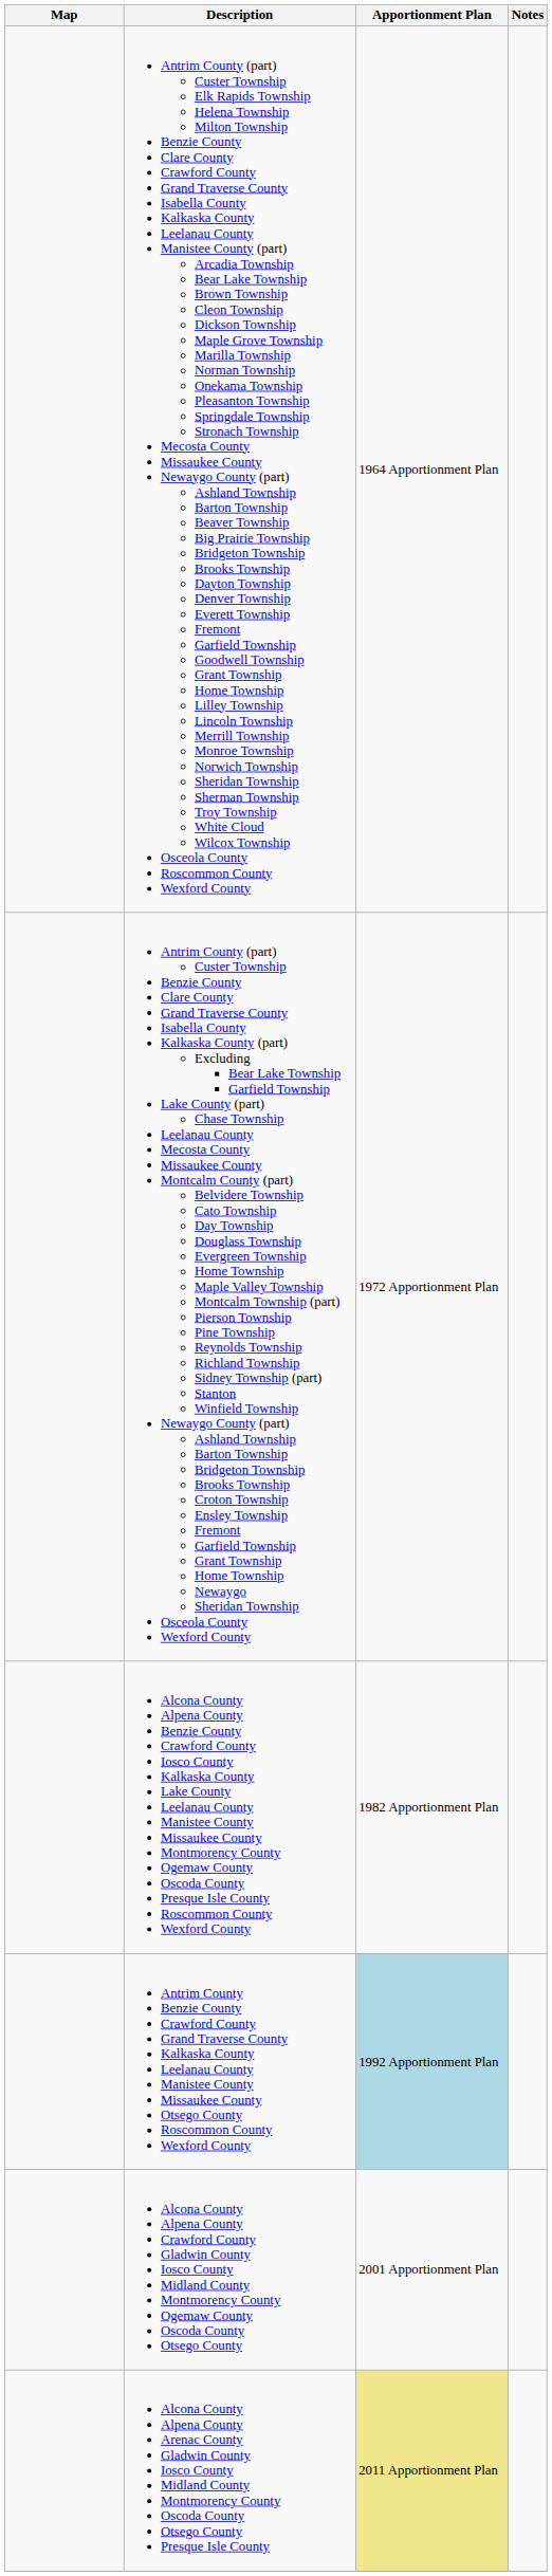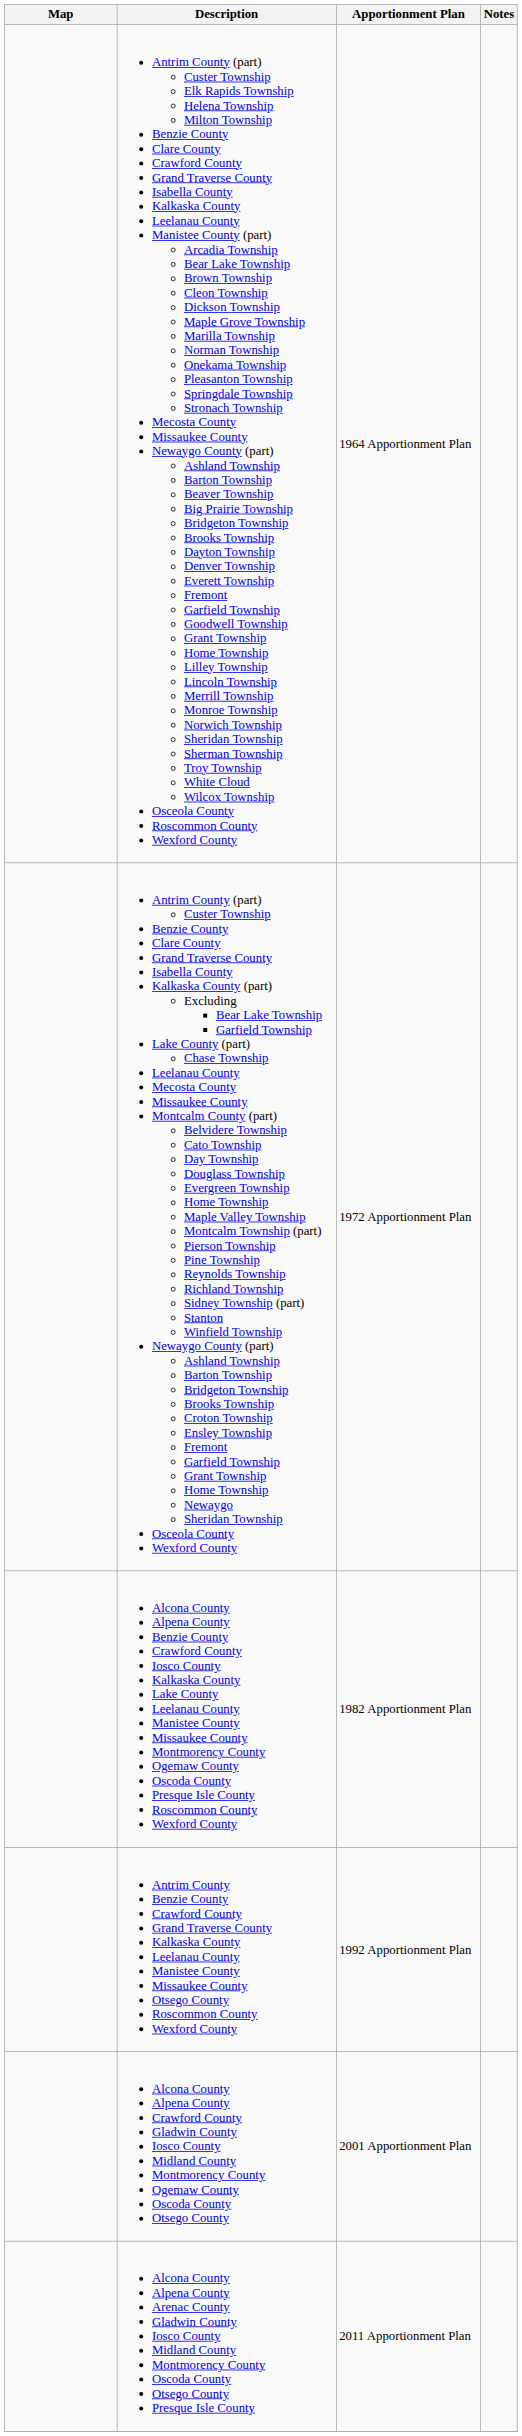 <table class="wikitable sortable">
 <tr>
 <th style="width:100pt;">Map</th>
 <th style="width:200pt;">Description</th>
 <th style="width:130pt;">Apportionment Plan</th>
 <th style="width:15pt;">Notes</th>
 </tr>
 <tr>
 <td></td>
 <td><br><ul><li><a href='#'>Antrim County</a> (part)<ul><li><a href='#'>Custer Township</a></li><li><a href='#'>Elk Rapids Township</a></li><li><a href='#'>Helena Township</a></li><li><a href='#'>Milton Township</a></li></ul></li><li><a href='#'>Benzie County</a></li><li><a href='#'>Clare County</a></li><li><a href='#'>Crawford County</a></li><li><a href='#'>Grand Traverse County</a></li><li><a href='#'>Isabella County</a></li><li><a href='#'>Kalkaska County</a></li><li><a href='#'>Leelanau County</a></li><li><a href='#'>Manistee County</a> (part)<ul><li><a href='#'>Arcadia Township</a></li><li><a href='#'>Bear Lake Township</a></li><li><a href='#'>Brown Township</a></li><li><a href='#'>Cleon Township</a></li><li><a href='#'>Dickson Township</a></li><li><a href='#'>Maple Grove Township</a></li><li><a href='#'>Marilla Township</a></li><li><a href='#'>Norman Township</a></li><li><a href='#'>Onekama Township</a></li><li><a href='#'>Pleasanton Township</a></li><li><a href='#'>Springdale Township</a></li><li><a href='#'>Stronach Township</a></li></ul></li><li><a href='#'>Mecosta County</a></li><li><a href='#'>Missaukee County</a></li><li><a href='#'>Newaygo County</a> (part)<ul><li><a href='#'>Ashland Township</a></li><li><a href='#'>Barton Township</a></li><li><a href='#'>Beaver Township</a></li><li><a href='#'>Big Prairie Township</a></li><li><a href='#'>Bridgeton Township</a></li><li><a href='#'>Brooks Township</a></li><li><a href='#'>Dayton Township</a></li><li><a href='#'>Denver Township</a></li><li><a href='#'>Everett Township</a></li><li><a href='#'>Fremont</a></li><li><a href='#'>Garfield Township</a></li><li><a href='#'>Goodwell Township</a></li><li><a href='#'>Grant Township</a></li><li><a href='#'>Home Township</a></li><li><a href='#'>Lilley Township</a></li><li><a href='#'>Lincoln Township</a></li><li><a href='#'>Merrill Township</a></li><li><a href='#'>Monroe Township</a></li><li><a href='#'>Norwich Township</a></li><li><a href='#'>Sheridan Township</a></li><li><a href='#'>Sherman Township</a></li><li><a href='#'>Troy Township</a></li><li><a href='#'>White Cloud</a></li><li><a href='#'>Wilcox Township</a></li></ul></li><li><a href='#'>Osceola County</a></li><li><a href='#'>Roscommon County</a></li><li><a href='#'>Wexford County</a></li></ul></td>
 <td>1964 Apportionment Plan</td>
 <td></td>
 </tr>
 <tr>
 <td></td>
 <td><br><ul><li><a href='#'>Antrim County</a> (part)<ul><li><a href='#'>Custer Township</a></li></ul></li><li><a href='#'>Benzie County</a></li><li><a href='#'>Clare County</a></li><li><a href='#'>Grand Traverse County</a></li><li><a href='#'>Isabella County</a></li><li><a href='#'>Kalkaska County</a> (part)<ul><li>Excluding<ul><li><a href='#'>Bear Lake Township</a></li><li><a href='#'>Garfield Township</a></li></ul></li></ul></li><li><a href='#'>Lake County</a> (part)<ul><li><a href='#'>Chase Township</a></li></ul></li><li><a href='#'>Leelanau County</a></li><li><a href='#'>Mecosta County</a></li><li><a href='#'>Missaukee County</a></li><li><a href='#'>Montcalm County</a> (part)<ul><li><a href='#'>Belvidere Township</a></li><li><a href='#'>Cato Township</a></li><li><a href='#'>Day Township</a></li><li><a href='#'>Douglass Township</a></li><li><a href='#'>Evergreen Township</a></li><li><a href='#'>Home Township</a></li><li><a href='#'>Maple Valley Township</a></li><li><a href='#'>Montcalm Township</a> (part)</li><li><a href='#'>Pierson Township</a></li><li><a href='#'>Pine Township</a></li><li><a href='#'>Reynolds Township</a></li><li><a href='#'>Richland Township</a></li><li><a href='#'>Sidney Township</a> (part)</li><li><a href='#'>Stanton</a></li><li><a href='#'>Winfield Township</a></li></ul></li><li><a href='#'>Newaygo County</a> (part)<ul><li><a href='#'>Ashland Township</a></li><li><a href='#'>Barton Township</a></li><li><a href='#'>Bridgeton Township</a></li><li><a href='#'>Brooks Township</a></li><li><a href='#'>Croton Township</a></li><li><a href='#'>Ensley Township</a></li><li><a href='#'>Fremont</a></li><li><a href='#'>Garfield Township</a></li><li><a href='#'>Grant Township</a></li><li><a href='#'>Home Township</a></li><li><a href='#'>Newaygo</a></li><li><a href='#'>Sheridan Township</a></li></ul></li><li><a href='#'>Osceola County</a></li><li><a href='#'>Wexford County</a></li></ul></td>
 <td>1972 Apportionment Plan</td>
 <td></td>
 </tr>
 <tr>
 <td></td>
 <td><br><ul><li><a href='#'>Alcona County</a></li><li><a href='#'>Alpena County</a></li><li><a href='#'>Benzie County</a></li><li><a href='#'>Crawford County</a></li><li><a href='#'>Iosco County</a></li><li><a href='#'>Kalkaska County</a></li><li><a href='#'>Lake County</a></li><li><a href='#'>Leelanau County</a></li><li><a href='#'>Manistee County</a></li><li><a href='#'>Missaukee County</a></li><li><a href='#'>Montmorency County</a></li><li><a href='#'>Ogemaw County</a></li><li><a href='#'>Oscoda County</a></li><li><a href='#'>Presque Isle County</a></li><li><a href='#'>Roscommon County</a></li><li><a href='#'>Wexford County</a></li></ul></td>
 <td>1982 Apportionment Plan</td>
 <td></td>
 </tr>
 <tr>
 <td></td>
 <td><br><ul><li><a href='#'>Antrim County</a></li><li><a href='#'>Benzie County</a></li><li><a href='#'>Crawford County</a></li><li><a href='#'>Grand Traverse County</a></li><li><a href='#'>Kalkaska County</a></li><li><a href='#'>Leelanau County</a></li><li><a href='#'>Manistee County</a></li><li><a href='#'>Missaukee County</a></li><li><a href='#'>Otsego County</a></li><li><a href='#'>Roscommon County</a></li><li><a href='#'>Wexford County</a></li></ul></td>
-<td style="background: lightblue;">1992 Apportionment Plan</td>
+<td>1992 Apportionment Plan</td>
 <td></td>
 </tr>
 <tr>
 <td></td>
 <td><br><ul><li><a href='#'>Alcona County</a></li><li><a href='#'>Alpena County</a></li><li><a href='#'>Crawford County</a></li><li><a href='#'>Gladwin County</a></li><li><a href='#'>Iosco County</a></li><li><a href='#'>Midland County</a></li><li><a href='#'>Montmorency County</a></li><li><a href='#'>Ogemaw County</a></li><li><a href='#'>Oscoda County</a></li><li><a href='#'>Otsego County</a></li></ul></td>
 <td>2001 Apportionment Plan</td>
 <td></td>
 </tr>
 <tr>
 <td></td>
 <td><br><ul><li><a href='#'>Alcona County</a></li><li><a href='#'>Alpena County</a></li><li><a href='#'>Arenac County</a></li><li><a href='#'>Gladwin County</a></li><li><a href='#'>Iosco County</a></li><li><a href='#'>Midland County</a></li><li><a href='#'>Montmorency County</a></li><li><a href='#'>Oscoda County</a></li><li><a href='#'>Otsego County</a></li><li><a href='#'>Presque Isle County</a></li></ul></td>
-<td style="background: khaki;">2011 Apportionment Plan</td>
+<td>2011 Apportionment Plan</td>
 <td></td>
 </tr>
 <tr>
 </tr>
 </table>
